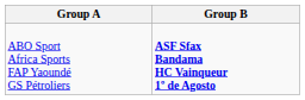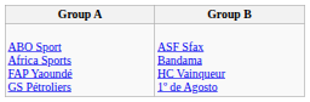 <table class="wikitable">
 <tr>
 <th width=195px>Group A</th>
 <th width=195px>Group B</th>
 </tr>
 <tr>
 <td valign=top><br> <a href='#'>ABO Sport</a><br>  <a href='#'>Africa Sports</a><br>  <a href='#'>FAP Yaoundé</a><br>  <a href='#'>GS Pétroliers</a></td>
-<td valign=top><strong><br> <a href='#'>ASF Sfax</a><br>  <a href='#'>Bandama</a><br>  <a href='#'>HC Vainqueur</a><br>  <a href='#'>1º de Agosto</a></strong></td>
+<td valign=top><br> <a href='#'>ASF Sfax</a><br>  <a href='#'>Bandama</a><br>  <a href='#'>HC Vainqueur</a><br>  <a href='#'>1º de Agosto</a></td>
 </tr>
 </table>
